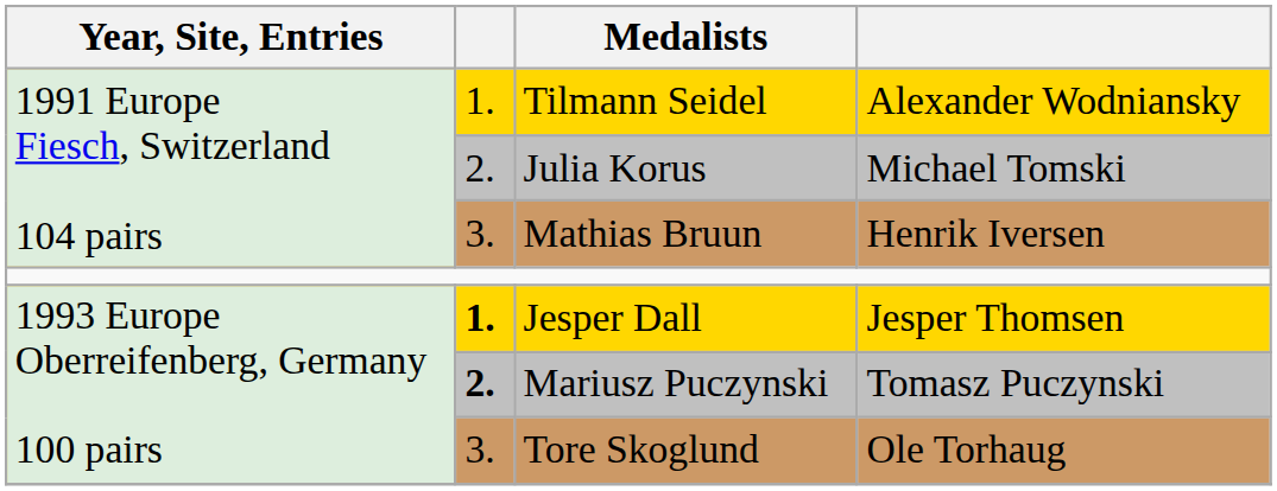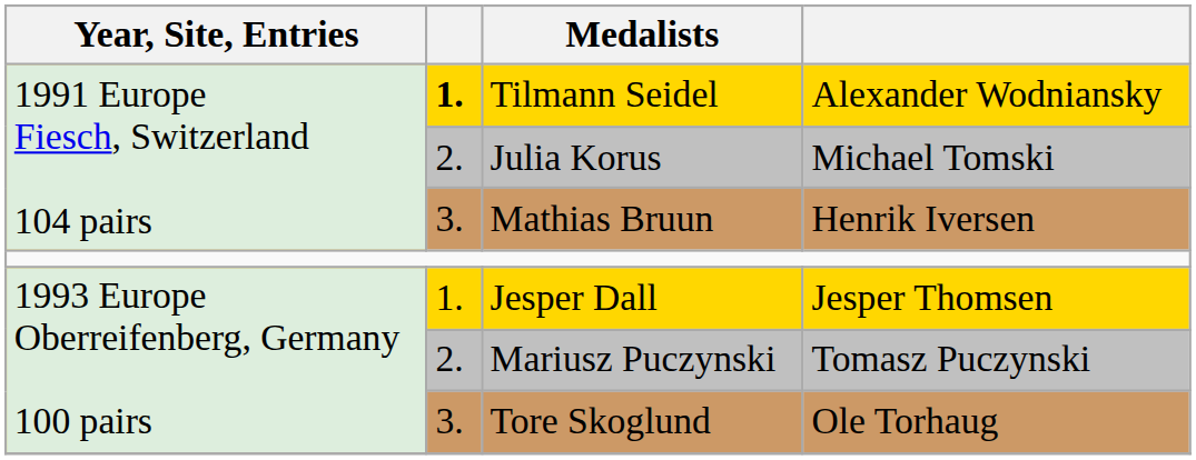 <table class="wikitable">
 <tr>
 <th>Year, Site, Entries</th>
 <th></th>
 <th>Medalists</th>
 <th></th>
 </tr>
 <tr bgcolor="gold">
 <td rowspan=3 bgcolor=ddeedd valign="Top">1991 Europe<br><a href='#'>Fiesch</a>, Switzerland <br> <br>104 pairs</td>
-<td>1. </td>
+<td><strong>1. </strong></td>
 <td> Tilmann Seidel</td>
 <td> Alexander Wodniansky  </td>
 </tr>
 <tr bgcolor="silver">
 <td>2.</td>
 <td> Julia Korus</td>
 <td> Michael Tomski</td>
 </tr>
 <tr bgcolor="cc9966">
 <td>3.</td>
 <td> Mathias Bruun</td>
 <td> Henrik Iversen</td>
 </tr>
 <tr>
 <td colspan=4></td>
 </tr>
 <tr bgcolor="gold">
 <td rowspan=3 bgcolor=ddeedd  valign="Top">1993  Europe<br>Oberreifenberg, Germany   <br> <br>100 pairs</td>
-<td><strong>1.</strong></td>
+<td>1.</td>
 <td> Jesper Dall</td>
 <td> Jesper Thomsen</td>
 </tr>
 <tr bgcolor="silver">
-<td><strong>2.</strong></td>
+<td>2.</td>
 <td> Mariusz Puczynski  </td>
 <td> Tomasz Puczynski  </td>
 </tr>
 <tr bgcolor="cc9966">
 <td>3.</td>
 <td> Tore Skoglund</td>
 <td> Ole Torhaug</td>
 </tr>
 <tr>
 </tr>
 </table>
